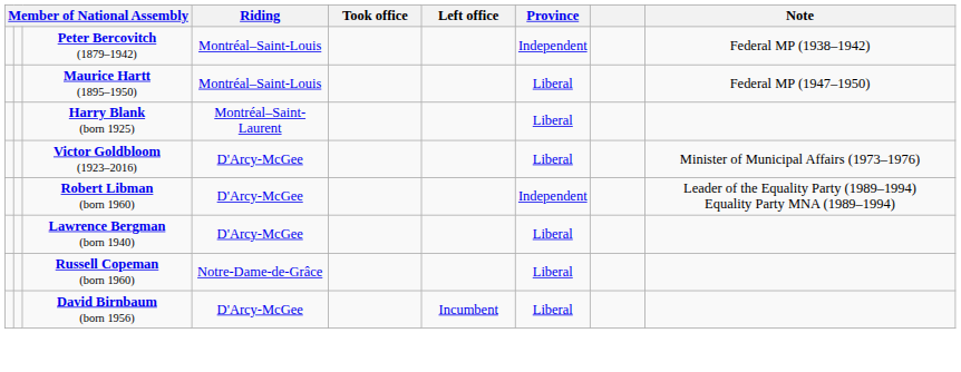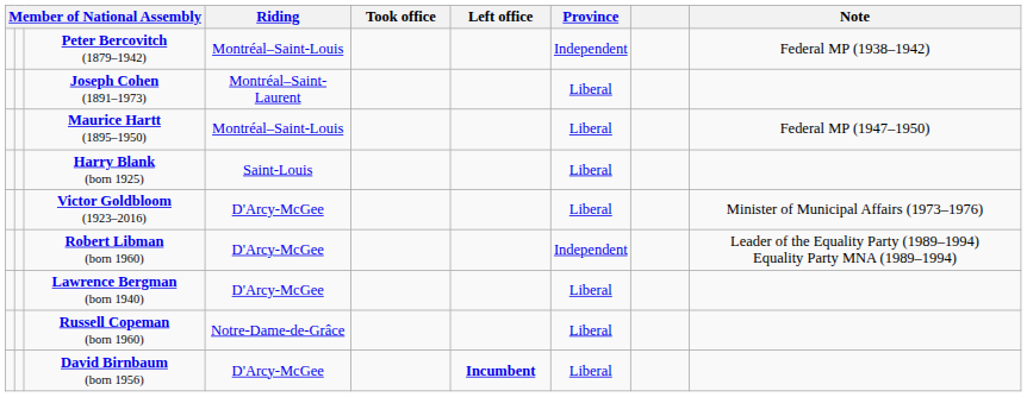 <table class="wikitable sortable plainrowheaders" style="text-align:center">
 <tr>
 <th colspan="3" class=unsortable><a href='#'>Member of National Assembly</a></th>
 <th scope="col" width=150px><a href='#'>Riding</a></th>
 <th scope="col" width=100px>Took office</th>
 <th scope="col" width=100px>Left office</th>
 <th scope="col" width=70px><a href='#'>Province</a></th>
 <th scope="col" class=unsortable width=55px></th>
 <th scope="col" class=unsortable width=350px>Note</th>
 </tr>
 <tr>
 <td style="background:"></td>
 <td></td>
 <td><strong><a href='#'>Peter Bercovitch</a></strong><br><small>(1879–1942)</small></td>
 <td><a href='#'>Montréal–Saint-Louis</a></td>
 <td></td>
 <td></td>
 <td><a href='#'>Independent</a></td>
 <td></td>
 <td>Federal MP (1938–1942)</td>
 </tr>
 <tr>
 <td style="background:"></td>
 <td></td>
+<td><strong><a href='#'>Joseph Cohen</a></strong><br><small>(1891–1973)</small></td>
+<td><a href='#'>Montréal–Saint-Laurent</a></td>
+<td></td>
+<td></td>
+<td><a href='#'>Liberal</a></td>
+<td></td>
+<td></td>
+</tr>
+<tr>
+<td style="background:"></td>
+<td></td>
 <td><strong><a href='#'>Maurice Hartt</a></strong><br><small>(1895–1950)</small></td>
 <td><a href='#'>Montréal–Saint-Louis</a></td>
 <td></td>
 <td></td>
 <td><a href='#'>Liberal</a></td>
 <td></td>
 <td>Federal MP (1947–1950)</td>
 </tr>
 <tr>
 <td style="background:"></td>
 <td></td>
 <td><strong><a href='#'>Harry Blank</a></strong><br><small>(born 1925)</small></td>
-<td><a href='#'>Montréal–Saint-Laurent</a></td>
+<td><a href='#'>Saint-Louis</a></td>
 <td></td>
 <td></td>
 <td><a href='#'>Liberal</a></td>
 <td></td>
 <td></td>
 </tr>
 <tr>
 <td style="background:"></td>
 <td></td>
 <td><strong><a href='#'>Victor Goldbloom</a></strong><br><small>(1923–2016)</small></td>
 <td><a href='#'>D'Arcy-McGee</a></td>
 <td></td>
 <td></td>
 <td><a href='#'>Liberal</a></td>
 <td></td>
 <td>Minister of Municipal Affairs (1973–1976)</td>
 </tr>
 <tr>
 <td style="background:"></td>
 <td></td>
 <td><strong><a href='#'>Robert Libman</a></strong><br><small>(born 1960)</small></td>
 <td><a href='#'>D'Arcy-McGee</a></td>
 <td></td>
 <td></td>
 <td><a href='#'>Independent</a></td>
 <td></td>
 <td>Leader of the Equality Party (1989–1994)<br>Equality Party MNA (1989–1994)</td>
 </tr>
 <tr>
 <td style="background:"></td>
 <td></td>
 <td><strong><a href='#'>Lawrence Bergman</a></strong><br><small>(born 1940)</small></td>
 <td><a href='#'>D'Arcy-McGee</a></td>
 <td></td>
 <td></td>
 <td><a href='#'>Liberal</a></td>
 <td></td>
 <td></td>
 </tr>
 <tr>
 <td style="background:"></td>
 <td></td>
 <td><strong><a href='#'>Russell Copeman</a></strong><br><small>(born 1960)</small></td>
 <td><a href='#'>Notre-Dame-de-Grâce</a></td>
 <td></td>
 <td></td>
 <td><a href='#'>Liberal</a></td>
 <td></td>
 <td></td>
 </tr>
 <tr>
 <td style="background:"></td>
 <td></td>
 <td><strong><a href='#'>David Birnbaum</a></strong><br><small>(born 1956)</small></td>
 <td><a href='#'>D'Arcy-McGee</a></td>
 <td></td>
-<td><a href='#'>Incumbent</a></td>
+<td><strong><a href='#'>Incumbent</a></strong></td>
 <td><a href='#'>Liberal</a></td>
 <td></td>
 <td></td>
 </tr>
 </table>
